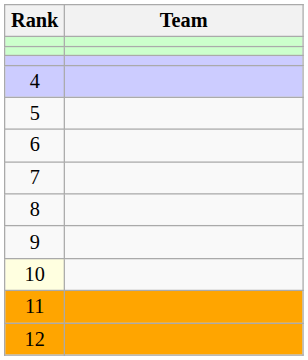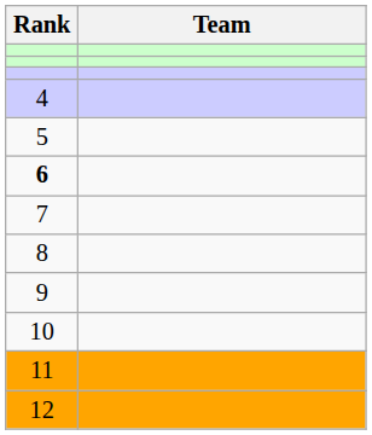 <table class="wikitable" style="text-align: center;">
 <tr>
 <th width=40>Rank</th>
 <th width=180>Team</th>
 </tr>
 <tr bgcolor=ccffcc>
 <td></td>
 <td align=left></td>
 </tr>
 <tr bgcolor=ccffcc>
 <td></td>
 <td align=left></td>
 </tr>
 <tr bgcolor=ccccff>
 <td></td>
 <td align=left></td>
 </tr>
 <tr bgcolor=ccccff>
 <td>4</td>
 <td align=left></td>
 </tr>
 <tr>
 <td>5</td>
 <td align=left></td>
 </tr>
 <tr>
-<td>6</td>
+<td><strong>6</strong></td>
 <td align=left></td>
 </tr>
 <tr>
 <td>7</td>
 <td align=left></td>
 </tr>
 <tr>
 <td>8</td>
 <td align=left></td>
 </tr>
 <tr>
 <td>9</td>
 <td align=left></td>
 </tr>
 <tr>
-<td style="background: lightyellow;">10</td>
+<td>10</td>
 <td align=left></td>
 </tr>
 <tr bgcolor=FFA500>
 <td>11</td>
 <td align=left></td>
 </tr>
 <tr bgcolor=FFA500>
 <td>12</td>
 <td align=left></td>
 </tr>
 </table>
